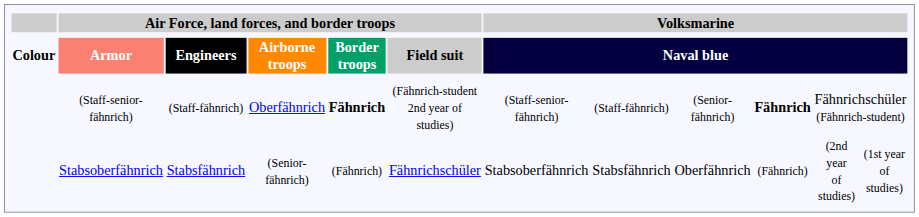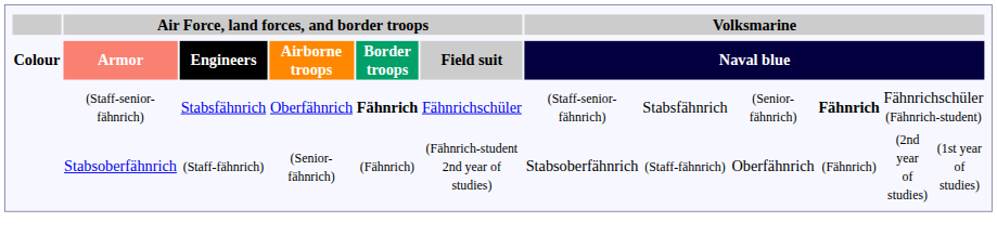 <table style="border:1px solid #8888aa; background-color:#f7f8ff; padding:5px; font-size:95%; margin: 0px 12px 12px 0px;">
 <tr>
 </tr>
 <tr bgcolor="#CCCCCC">
 <td></td>
 <th colspan=5>Air Force, land forces, and border troops</th>
 <th colspan=6>Volksmarine</th>
 </tr>
 <tr>
 </tr>
 <tr rowspan="2">
 </tr>
 <tr align="center">
 <th>Colour</th>
 <th align="center" style="background:salmon; color:white;">Armor</th>
 <th align = "center" style ="background:black; color:white;">Engineers</th>
 <th align="center" style="background:#ff8800; color:white;">Airborne troops</th>
 <th align="center" style="background:#00a068; color:white;">Border troops</th>
 <th align="center" style="background:#CCCCCC; color:black;">Field suit</th>
 <th colspan=6 style="background:#040040; color:white">Naval blue</th>
 </tr>
 <tr rowspan="2">
 </tr>
 <tr align="center">
 <td></td>
 <td></td>
 <td></td>
 <td></td>
 <td></td>
 <td></td>
 <td></td>
 <td></td>
 <td></td>
 <td></td>
 <td></td>
 <td></td>
 </tr>
 <tr align="center">
 <td></td>
 <td><small>(Staff-senior-fähnrich)</small></td>
-<td><small>(Staff-fähnrich)</small></td>
+<td><a href='#'>Stabsfähnrich</a></td>
 <td><a href='#'>Oberfähnrich</a></td>
 <td><strong>Fähnrich</strong></td>
-<td><small>(Fähnrich-student</small><br><small>2nd year of studies)</small></td>
+<td><a href='#'>Fähnrichschüler</a></td>
 <td><small>(Staff-senior-fähnrich)</small></td>
-<td><small>(Staff-fähnrich)</small></td>
+<td>Stabsfähnrich</td>
 <td><small>(Senior-fähnrich)</small></td>
 <td><strong>Fähnrich</strong></td>
 <td colspan="2">Fähnrichschüler <br><small>(Fähnrich-student)</small></td>
 </tr>
 <tr align="center">
 <td></td>
 <td><a href='#'>Stabsoberfähnrich</a></td>
-<td><a href='#'>Stabsfähnrich</a></td>
+<td><small>(Staff-fähnrich)</small></td>
 <td><small>(Senior-fähnrich)</small></td>
 <td><small>(Fähnrich)</small></td>
-<td><a href='#'>Fähnrichschüler</a></td>
+<td><small>(Fähnrich-student</small><br><small>2nd year of studies)</small></td>
 <td>Stabsoberfähnrich</td>
-<td>Stabsfähnrich</td>
+<td><small>(Staff-fähnrich)</small></td>
 <td>Oberfähnrich</td>
 <td><small>(Fähnrich)</small></td>
 <td><small>(2nd year <br>of studies)</small></td>
 <td><small>(1st year <br>of studies)</small></td>
 </tr>
 </table>
